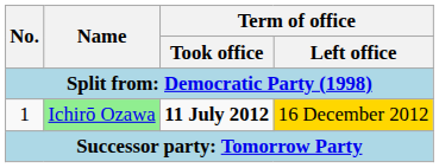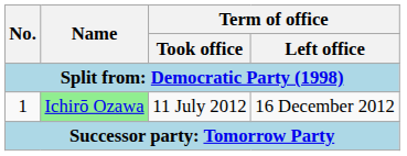 <table class="wikitable"  style="text-align:center">
 <tr>
 <th rowspan=2>No.</th>
 <th rowspan=2>Name</th>
 <th colspan=2>Term of office</th>
 </tr>
 <tr>
 <th>Took office</th>
 <th>Left office</th>
 </tr>
 <tr>
 <td bgcolor="lightblue" colspan="5"><strong>Split from: <a href='#'>Democratic Party (1998)</a></strong></td>
 </tr>
 <tr>
 <td>1</td>
 <td style="background: lightgreen;"><a href='#'>Ichirō Ozawa</a></td>
-<td><strong>11 July 2012</strong></td>
-<td style="background: gold;">16 December 2012</td>
+<td>11 July 2012</td>
+<td>16 December 2012</td>
 </tr>
 <tr>
 <td bgcolor="lightblue" colspan="5"><strong>Successor party: <a href='#'>Tomorrow Party</a></strong></td>
 </tr>
 </table>
